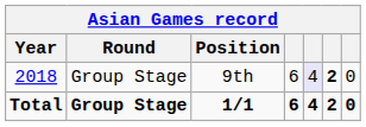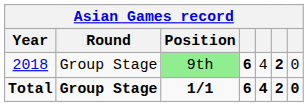 <table class="wikitable" style="text-align: center;">
 <tr>
 <th colspan=10><a href='#'>Asian Games record</a></th>
 </tr>
 <tr>
 <th>Year</th>
 <th>Round</th>
 <th>Position</th>
 <th></th>
 <th></th>
 <th></th>
 <th></th>
 </tr>
 <tr>
 <td> <a href='#'>2018</a></td>
 <td>Group Stage</td>
-<td>9th</td>
-<td>6</td>
-<td style="background: lavender;">4</td>
+<td style="background: lightgreen;">9th</td>
+<td><strong>6</strong></td>
+<td>4</td>
 <td><strong>2</strong></td>
 <td>0</td>
 </tr>
 <tr>
 <td colspan=1><strong>Total</strong></td>
 <td><strong>Group Stage</strong></td>
 <td><strong>1/1</strong></td>
 <td><strong>6</strong></td>
 <td><strong>4</strong></td>
 <td><strong>2</strong></td>
 <td><strong>0</strong></td>
 </tr>
 </table>
